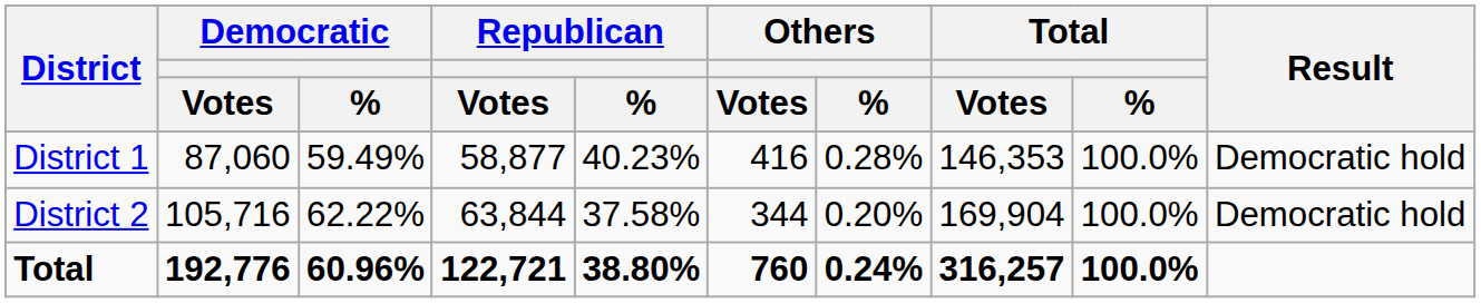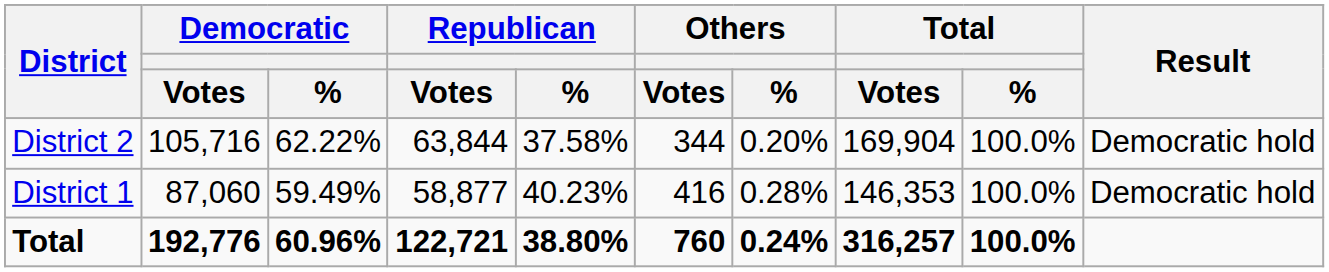 <table class="wikitable plainrowheaders sortable" style="font-size:100%; text-align:right;">
 <tr>
 <th scope=col rowspan=3><a href='#'>District</a></th>
 <th scope=col colspan=2><a href='#'>Democratic</a></th>
 <th scope=col colspan=2><a href='#'>Republican</a></th>
 <th scope=col colspan=2>Others</th>
 <th scope=col colspan=2>Total</th>
 <th scope=col rowspan=3>Result</th>
 </tr>
 <tr>
 <th scope=col colspan=2 style="background:"></th>
 <th scope=col colspan=2 style="background:"></th>
 <th scope=col colspan=2></th>
 <th scope=col colspan=2></th>
 </tr>
 <tr>
 <th scope=col data-sort-type="number">Votes</th>
 <th scope=col data-sort-type="number">%</th>
 <th scope=col data-sort-type="number">Votes</th>
 <th scope=col data-sort-type="number">%</th>
 <th scope=col data-sort-type="number">Votes</th>
 <th scope=col data-sort-type="number">%</th>
 <th scope=col data-sort-type="number">Votes</th>
 <th scope=col data-sort-type="number">%</th>
 </tr>
 <tr>
+<td align=left><a href='#'>District 2</a></td>
+<td>105,716</td>
+<td>62.22%</td>
+<td>63,844</td>
+<td>37.58%</td>
+<td>344</td>
+<td>0.20%</td>
+<td>169,904</td>
+<td>100.0%</td>
+<td align=left>Democratic hold</td>
+</tr>
+<tr>
 <td align=left><a href='#'>District 1</a></td>
 <td>87,060</td>
 <td>59.49%</td>
 <td>58,877</td>
 <td>40.23%</td>
 <td>416</td>
 <td>0.28%</td>
 <td>146,353</td>
-<td>100.0%</td>
-<td align=left>Democratic hold</td>
-</tr>
-<tr>
-<td align=left><a href='#'>District 2</a></td>
-<td>105,716</td>
-<td>62.22%</td>
-<td>63,844</td>
-<td>37.58%</td>
-<td>344</td>
-<td>0.20%</td>
-<td>169,904</td>
 <td>100.0%</td>
 <td align=left>Democratic hold</td>
 </tr>
 <tr class="sortbottom" style="font-weight:bold">
 <td align=left>Total</td>
 <td>192,776</td>
 <td>60.96%</td>
 <td>122,721</td>
 <td>38.80%</td>
 <td>760</td>
 <td>0.24%</td>
 <td>316,257</td>
 <td>100.0%</td>
 <td></td>
 </tr>
 </table>
